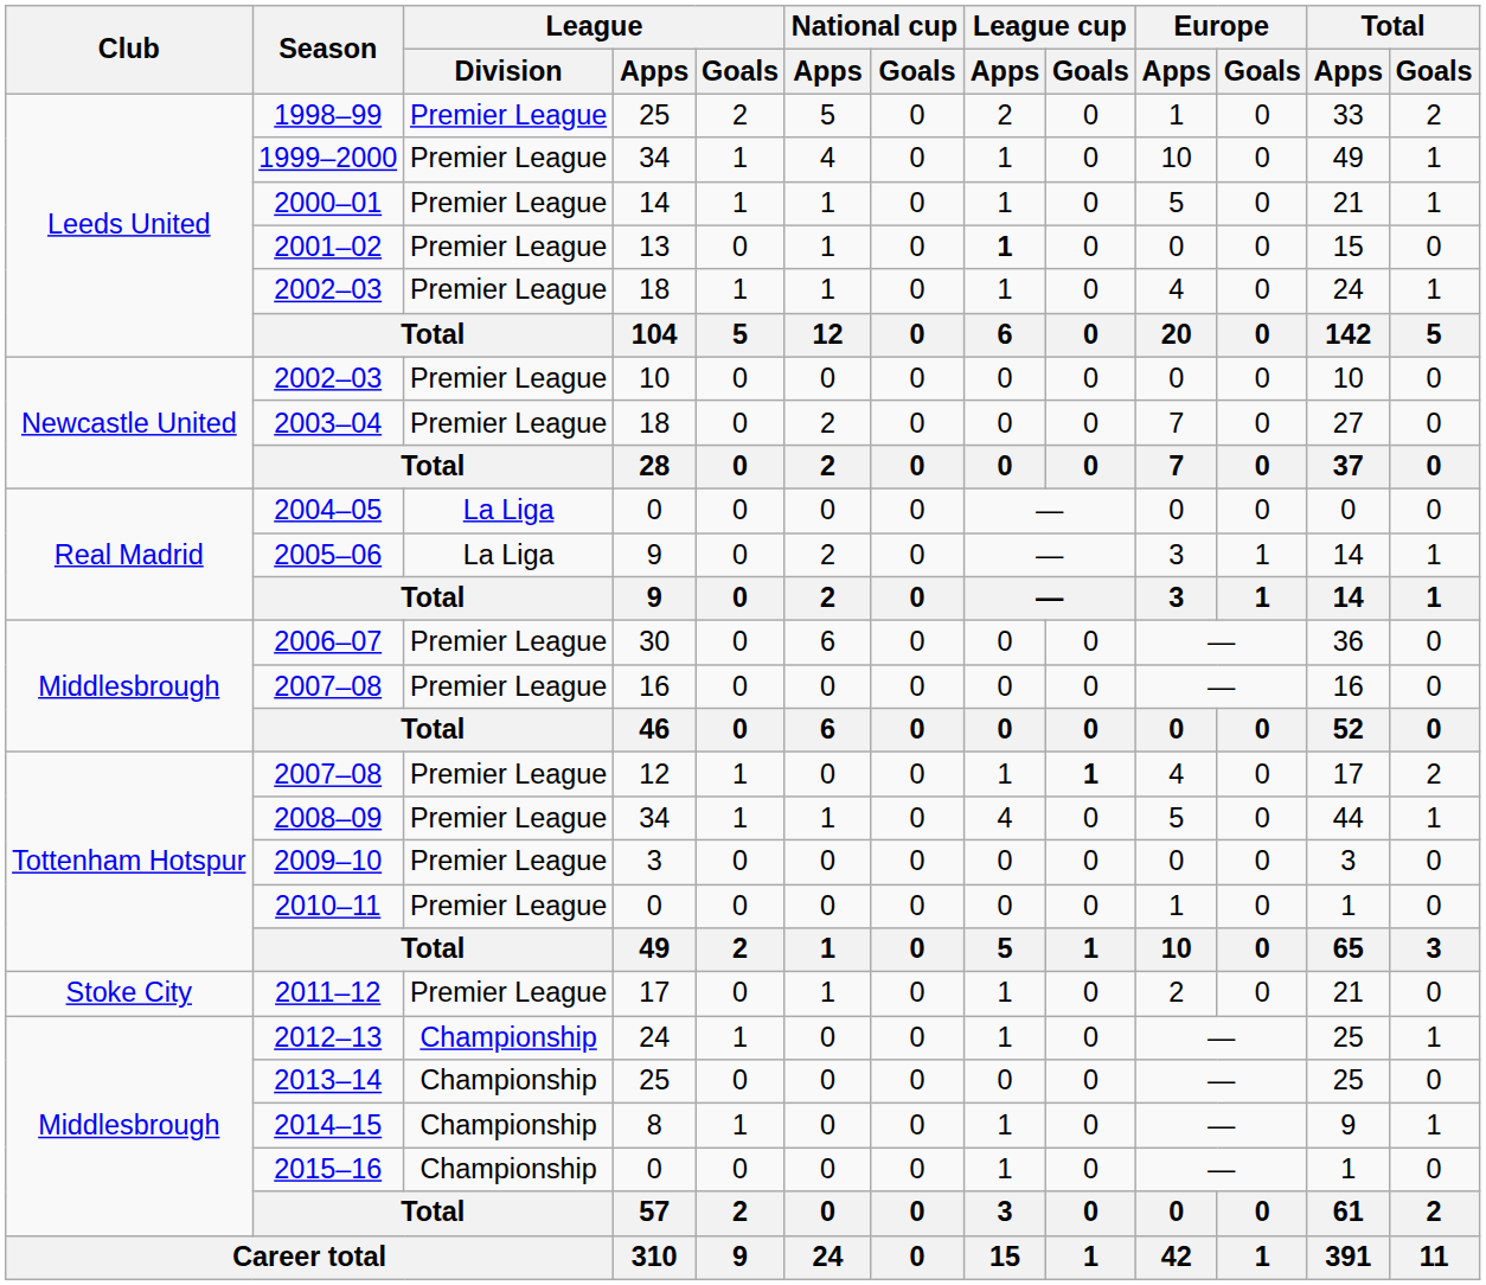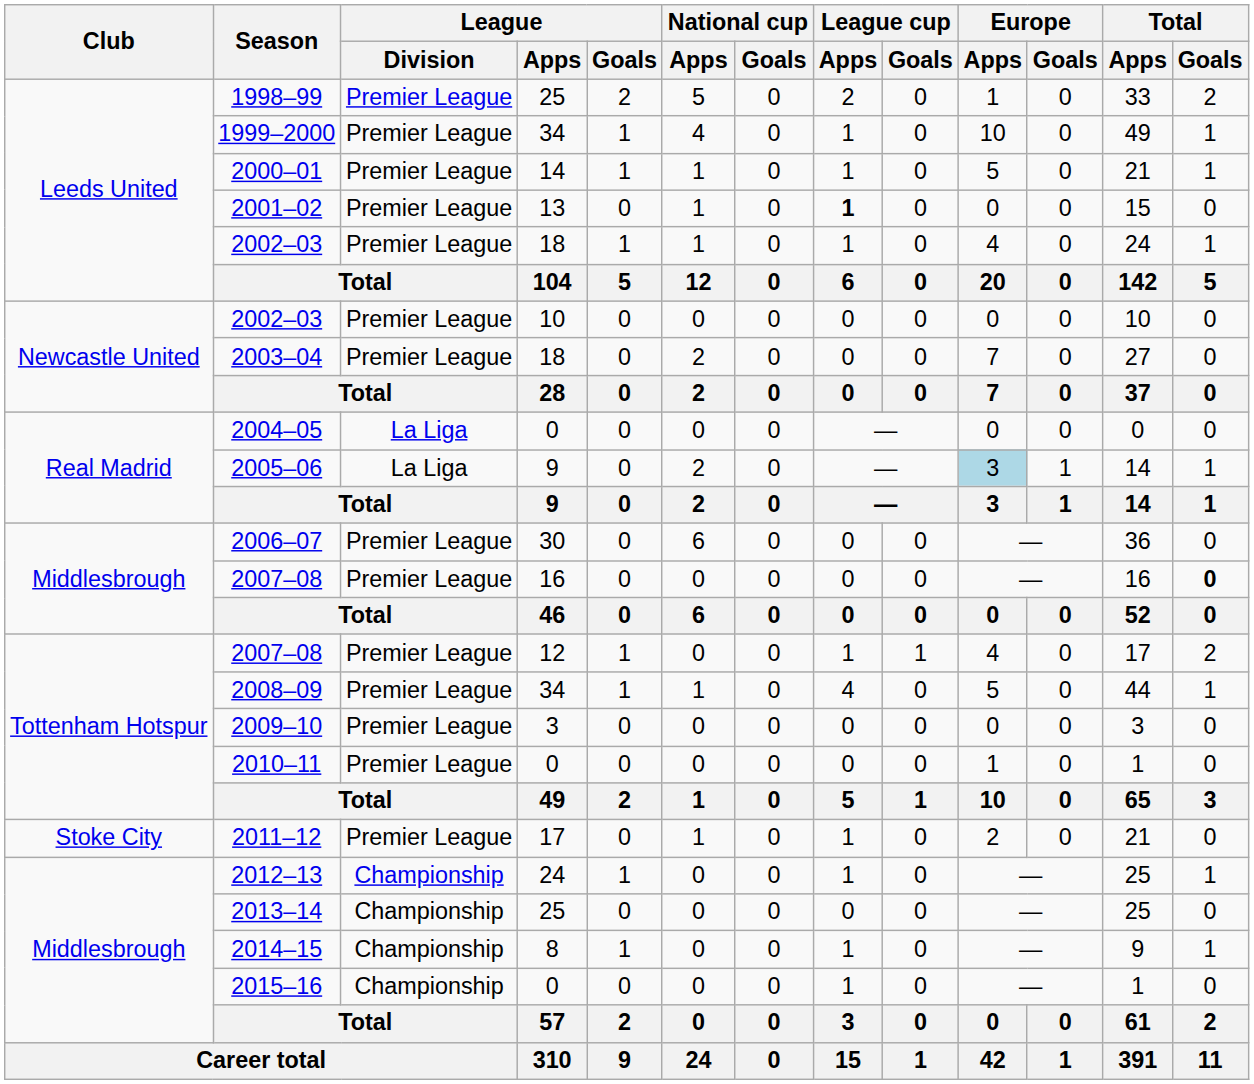 <table class="wikitable" style="text-align: center;">
 <tr>
 <th rowspan="2">Club</th>
 <th rowspan="2">Season</th>
 <th colspan="3">League</th>
 <th colspan="2">National cup</th>
 <th colspan="2">League cup</th>
 <th colspan="2">Europe</th>
 <th colspan="2">Total</th>
 </tr>
 <tr>
 <th>Division</th>
 <th>Apps</th>
 <th>Goals</th>
 <th>Apps</th>
 <th>Goals</th>
 <th>Apps</th>
 <th>Goals</th>
 <th>Apps</th>
 <th>Goals</th>
 <th>Apps</th>
 <th>Goals</th>
 </tr>
 <tr>
 <td rowspan="6"><a href='#'>Leeds United</a></td>
 <td><a href='#'>1998–99</a></td>
 <td><a href='#'>Premier League</a></td>
 <td>25</td>
 <td>2</td>
 <td>5</td>
 <td>0</td>
 <td>2</td>
 <td>0</td>
 <td>1</td>
 <td>0</td>
 <td>33</td>
 <td>2</td>
 </tr>
 <tr>
 <td><a href='#'>1999–2000</a></td>
 <td>Premier League</td>
 <td>34</td>
 <td>1</td>
 <td>4</td>
 <td>0</td>
 <td>1</td>
 <td>0</td>
 <td>10</td>
 <td>0</td>
 <td>49</td>
 <td>1</td>
 </tr>
 <tr>
 <td><a href='#'>2000–01</a></td>
 <td>Premier League</td>
 <td>14</td>
 <td>1</td>
 <td>1</td>
 <td>0</td>
 <td>1</td>
 <td>0</td>
 <td>5</td>
 <td>0</td>
 <td>21</td>
 <td>1</td>
 </tr>
 <tr>
 <td><a href='#'>2001–02</a></td>
 <td>Premier League</td>
 <td>13</td>
 <td>0</td>
 <td>1</td>
 <td>0</td>
 <td><strong>1</strong></td>
 <td>0</td>
 <td>0</td>
 <td>0</td>
 <td>15</td>
 <td>0</td>
 </tr>
 <tr>
 <td><a href='#'>2002–03</a></td>
 <td>Premier League</td>
 <td>18</td>
 <td>1</td>
 <td>1</td>
 <td>0</td>
 <td>1</td>
 <td>0</td>
 <td>4</td>
 <td>0</td>
 <td>24</td>
 <td>1</td>
 </tr>
 <tr>
 <th colspan="2">Total</th>
 <th>104</th>
 <th>5</th>
 <th>12</th>
 <th>0</th>
 <th>6</th>
 <th>0</th>
 <th>20</th>
 <th>0</th>
 <th>142</th>
 <th>5</th>
 </tr>
 <tr>
 <td rowspan="3"><a href='#'>Newcastle United</a></td>
 <td><a href='#'>2002–03</a></td>
 <td>Premier League</td>
 <td>10</td>
 <td>0</td>
 <td>0</td>
 <td>0</td>
 <td>0</td>
 <td>0</td>
 <td>0</td>
 <td>0</td>
 <td>10</td>
 <td>0</td>
 </tr>
 <tr>
 <td><a href='#'>2003–04</a></td>
 <td>Premier League</td>
 <td>18</td>
 <td>0</td>
 <td>2</td>
 <td>0</td>
 <td>0</td>
 <td>0</td>
 <td>7</td>
 <td>0</td>
 <td>27</td>
 <td>0</td>
 </tr>
 <tr>
 <th colspan="2">Total</th>
 <th>28</th>
 <th>0</th>
 <th>2</th>
 <th>0</th>
 <th>0</th>
 <th>0</th>
 <th>7</th>
 <th>0</th>
 <th>37</th>
 <th>0</th>
 </tr>
 <tr>
 <td rowspan="3"><a href='#'>Real Madrid</a></td>
 <td><a href='#'>2004–05</a></td>
 <td><a href='#'>La Liga</a></td>
 <td>0</td>
 <td>0</td>
 <td>0</td>
 <td>0</td>
 <td colspan="2">—</td>
 <td>0</td>
 <td>0</td>
 <td>0</td>
 <td>0</td>
 </tr>
 <tr>
 <td><a href='#'>2005–06</a></td>
 <td>La Liga</td>
 <td>9</td>
 <td>0</td>
 <td>2</td>
 <td>0</td>
 <td colspan="2">—</td>
-<td>3</td>
+<td style="background: lightblue;">3</td>
 <td>1</td>
 <td>14</td>
 <td>1</td>
 </tr>
 <tr>
 <th colspan="2">Total</th>
 <th>9</th>
 <th>0</th>
 <th>2</th>
 <th>0</th>
 <th colspan="2">—</th>
 <th>3</th>
 <th>1</th>
 <th>14</th>
 <th>1</th>
 </tr>
 <tr>
 <td rowspan="3"><a href='#'>Middlesbrough</a></td>
 <td><a href='#'>2006–07</a></td>
 <td>Premier League</td>
 <td>30</td>
 <td>0</td>
 <td>6</td>
 <td>0</td>
 <td>0</td>
 <td>0</td>
 <td colspan="2">—</td>
 <td>36</td>
 <td>0</td>
 </tr>
 <tr>
 <td><a href='#'>2007–08</a></td>
 <td>Premier League</td>
 <td>16</td>
 <td>0</td>
 <td>0</td>
 <td>0</td>
 <td>0</td>
 <td>0</td>
 <td colspan="2">—</td>
 <td>16</td>
-<td>0</td>
+<td><strong>0</strong></td>
 </tr>
 <tr>
 <th colspan="2">Total</th>
 <th>46</th>
 <th>0</th>
 <th>6</th>
 <th>0</th>
 <th>0</th>
 <th>0</th>
 <th>0</th>
 <th>0</th>
 <th>52</th>
 <th>0</th>
 </tr>
 <tr>
 <td rowspan="5"><a href='#'>Tottenham Hotspur</a></td>
 <td><a href='#'>2007–08</a></td>
 <td>Premier League</td>
 <td>12</td>
 <td>1</td>
 <td>0</td>
 <td>0</td>
 <td>1</td>
-<td><strong>1</strong></td>
+<td>1</td>
 <td>4</td>
 <td>0</td>
 <td>17</td>
 <td>2</td>
 </tr>
 <tr>
 <td><a href='#'>2008–09</a></td>
 <td>Premier League</td>
 <td>34</td>
 <td>1</td>
 <td>1</td>
 <td>0</td>
 <td>4</td>
 <td>0</td>
 <td>5</td>
 <td>0</td>
 <td>44</td>
 <td>1</td>
 </tr>
 <tr>
 <td><a href='#'>2009–10</a></td>
 <td>Premier League</td>
 <td>3</td>
 <td>0</td>
 <td>0</td>
 <td>0</td>
 <td>0</td>
 <td>0</td>
 <td>0</td>
 <td>0</td>
 <td>3</td>
 <td>0</td>
 </tr>
 <tr>
 <td><a href='#'>2010–11</a></td>
 <td>Premier League</td>
 <td>0</td>
 <td>0</td>
 <td>0</td>
 <td>0</td>
 <td>0</td>
 <td>0</td>
 <td>1</td>
 <td>0</td>
 <td>1</td>
 <td>0</td>
 </tr>
 <tr>
 <th colspan="2">Total</th>
 <th>49</th>
 <th>2</th>
 <th>1</th>
 <th>0</th>
 <th>5</th>
 <th>1</th>
 <th>10</th>
 <th>0</th>
 <th>65</th>
 <th>3</th>
 </tr>
 <tr>
 <td><a href='#'>Stoke City</a></td>
 <td><a href='#'>2011–12</a></td>
 <td>Premier League</td>
 <td>17</td>
 <td>0</td>
 <td>1</td>
 <td>0</td>
 <td>1</td>
 <td>0</td>
 <td>2</td>
 <td>0</td>
 <td>21</td>
 <td>0</td>
 </tr>
 <tr>
 <td rowspan="5"><a href='#'>Middlesbrough</a></td>
 <td><a href='#'>2012–13</a></td>
 <td><a href='#'>Championship</a></td>
 <td>24</td>
 <td>1</td>
 <td>0</td>
 <td>0</td>
 <td>1</td>
 <td>0</td>
 <td colspan="2">—</td>
 <td>25</td>
 <td>1</td>
 </tr>
 <tr>
 <td><a href='#'>2013–14</a></td>
 <td>Championship</td>
 <td>25</td>
 <td>0</td>
 <td>0</td>
 <td>0</td>
 <td>0</td>
 <td>0</td>
 <td colspan="2">—</td>
 <td>25</td>
 <td>0</td>
 </tr>
 <tr>
 <td><a href='#'>2014–15</a></td>
 <td>Championship</td>
 <td>8</td>
 <td>1</td>
 <td>0</td>
 <td>0</td>
 <td>1</td>
 <td>0</td>
 <td colspan="2">—</td>
 <td>9</td>
 <td>1</td>
 </tr>
 <tr>
 <td><a href='#'>2015–16</a></td>
 <td>Championship</td>
 <td>0</td>
 <td>0</td>
 <td>0</td>
 <td>0</td>
 <td>1</td>
 <td>0</td>
 <td colspan="2">—</td>
 <td>1</td>
 <td>0</td>
 </tr>
 <tr>
 <th colspan="2">Total</th>
 <th>57</th>
 <th>2</th>
 <th>0</th>
 <th>0</th>
 <th>3</th>
 <th>0</th>
 <th>0</th>
 <th>0</th>
 <th>61</th>
 <th>2</th>
 </tr>
 <tr>
 <th colspan="3">Career total</th>
 <th>310</th>
 <th>9</th>
 <th>24</th>
 <th>0</th>
 <th>15</th>
 <th>1</th>
 <th>42</th>
 <th>1</th>
 <th>391</th>
 <th>11</th>
 </tr>
 </table>
